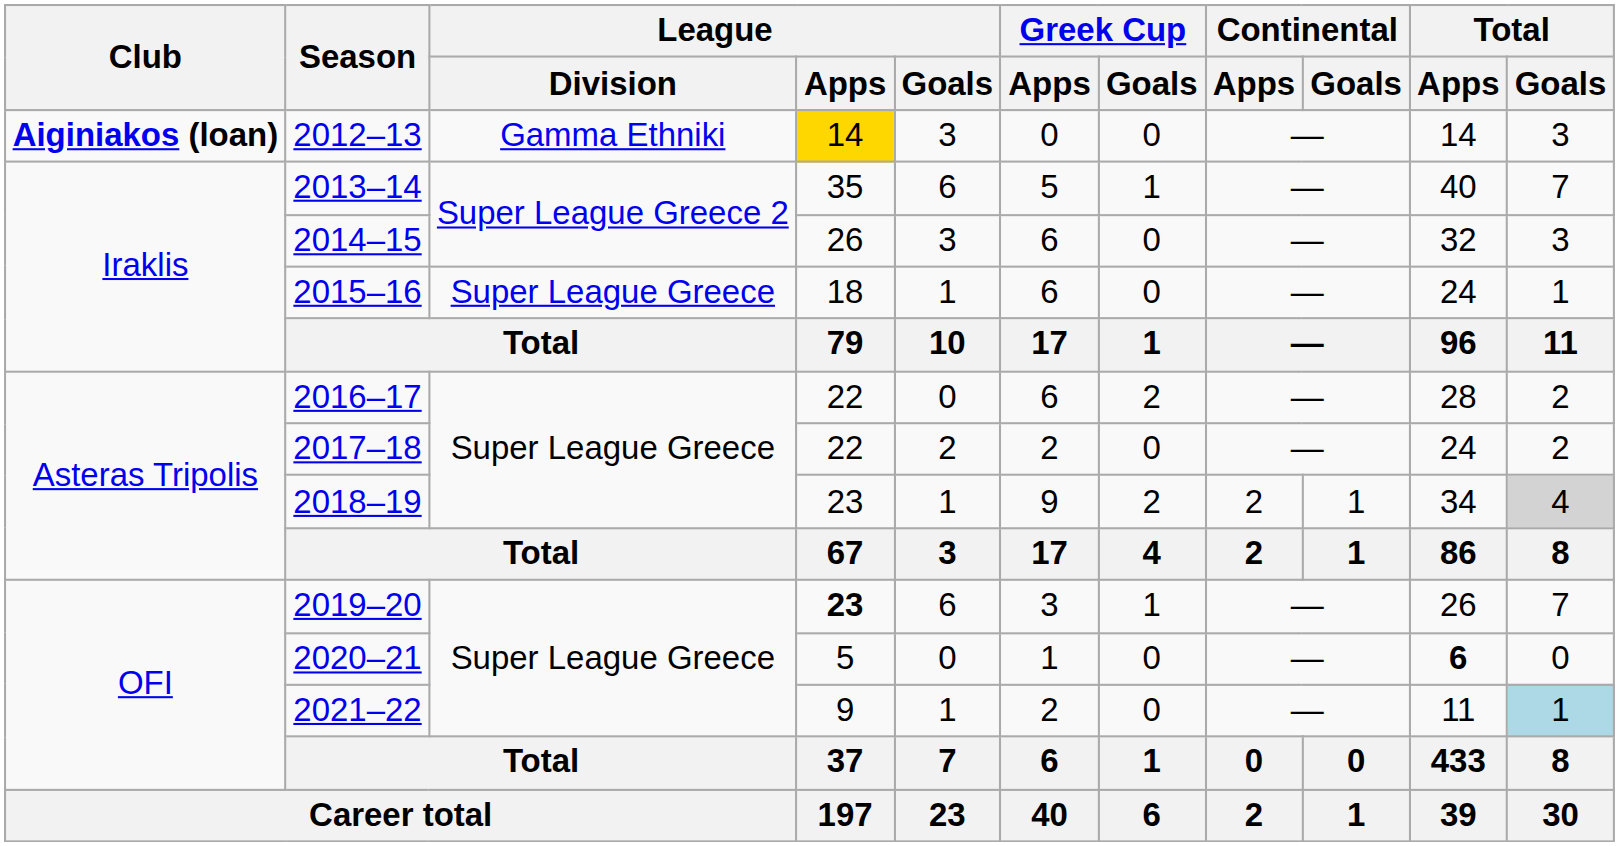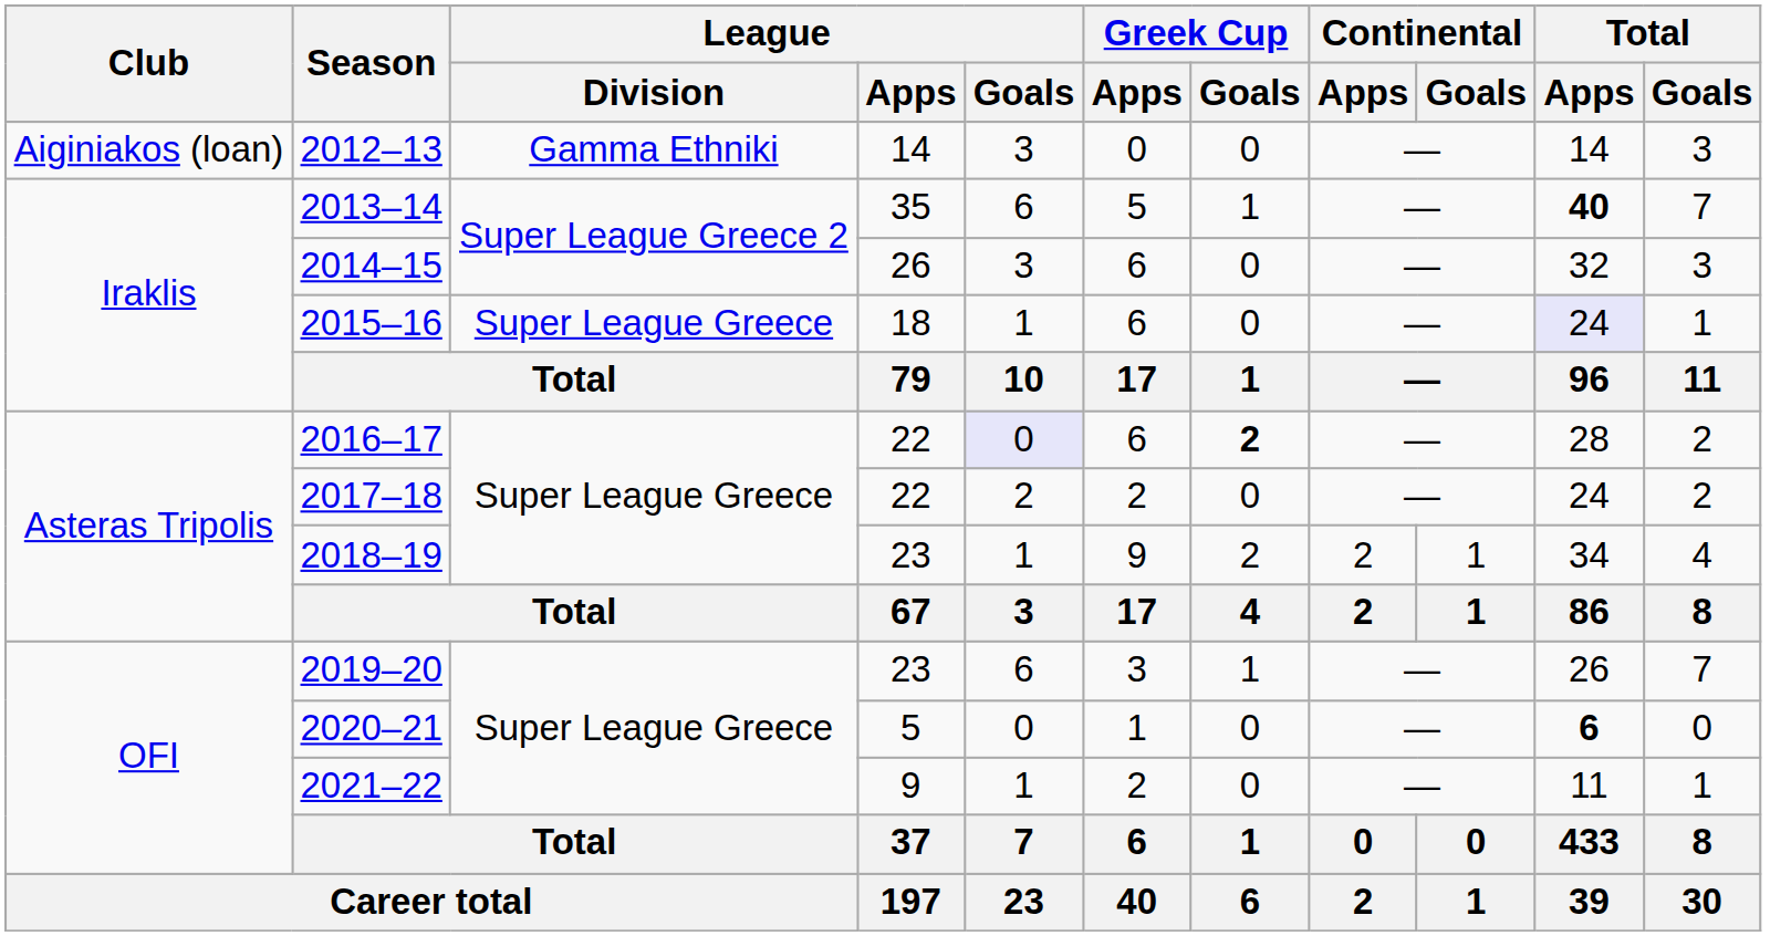 <table class="wikitable" style="text-align:center">
 <tr>
 <th rowspan=2>Club</th>
 <th rowspan=2>Season</th>
 <th colspan=3>League</th>
 <th colspan=2><a href='#'>Greek Cup</a></th>
 <th colspan=2>Continental</th>
 <th colspan=2>Total</th>
 </tr>
 <tr>
 <th>Division</th>
 <th>Apps</th>
 <th>Goals</th>
 <th>Apps</th>
 <th>Goals</th>
 <th>Apps</th>
 <th>Goals</th>
 <th>Apps</th>
 <th>Goals</th>
 </tr>
 <tr>
-<td><strong><a href='#'>Aiginiakos</a> (loan)</strong></td>
+<td><a href='#'>Aiginiakos</a> (loan)</td>
 <td><a href='#'>2012–13</a></td>
 <td><a href='#'>Gamma Ethniki</a></td>
-<td style="background: gold;">14</td>
+<td>14</td>
 <td>3</td>
 <td>0</td>
 <td>0</td>
 <td colspan="2">—</td>
 <td>14</td>
 <td>3</td>
 </tr>
 <tr>
 <td rowspan="4"><a href='#'>Iraklis</a></td>
 <td><a href='#'>2013–14</a></td>
 <td rowspan="2"><a href='#'>Super League Greece 2</a></td>
 <td>35</td>
 <td>6</td>
 <td>5</td>
 <td>1</td>
 <td colspan="2">—</td>
-<td>40</td>
+<td><strong>40</strong></td>
 <td>7</td>
 </tr>
 <tr>
 <td><a href='#'>2014–15</a></td>
 <td>26</td>
 <td>3</td>
 <td>6</td>
 <td>0</td>
 <td colspan="2">—</td>
 <td>32</td>
 <td>3</td>
 </tr>
 <tr>
 <td><a href='#'>2015–16</a></td>
 <td><a href='#'>Super League Greece</a></td>
 <td>18</td>
 <td>1</td>
 <td>6</td>
 <td>0</td>
 <td colspan="2">—</td>
-<td>24</td>
+<td style="background: lavender;">24</td>
 <td>1</td>
 </tr>
 <tr>
 <th colspan="2">Total</th>
 <th>79</th>
 <th>10</th>
 <th>17</th>
 <th>1</th>
 <th colspan="2">—</th>
 <th>96</th>
 <th>11</th>
 </tr>
 <tr>
 <td rowspan="4"><a href='#'>Asteras Tripolis</a></td>
 <td><a href='#'>2016–17</a></td>
 <td rowspan="3">Super League Greece</td>
 <td>22</td>
-<td>0</td>
+<td style="background: lavender;">0</td>
 <td>6</td>
-<td>2</td>
+<td><strong>2</strong></td>
 <td colspan="2">—</td>
 <td>28</td>
 <td>2</td>
 </tr>
 <tr>
 <td><a href='#'>2017–18</a></td>
 <td>22</td>
 <td>2</td>
 <td>2</td>
 <td>0</td>
 <td colspan="2">—</td>
 <td>24</td>
 <td>2</td>
 </tr>
 <tr>
 <td><a href='#'>2018–19</a></td>
 <td>23</td>
 <td>1</td>
 <td>9</td>
 <td>2</td>
 <td>2</td>
 <td>1</td>
 <td>34</td>
-<td style="background: lightgrey;">4</td>
+<td>4</td>
 </tr>
 <tr>
 <th colspan="2">Total</th>
 <th>67</th>
 <th>3</th>
 <th>17</th>
 <th>4</th>
 <th>2</th>
 <th>1</th>
 <th>86</th>
 <th>8</th>
 </tr>
 <tr>
 <td rowspan="4"><a href='#'>OFI</a></td>
 <td><a href='#'>2019–20</a></td>
 <td rowspan="3">Super League Greece</td>
-<td><strong>23</strong></td>
+<td>23</td>
 <td>6</td>
 <td>3</td>
 <td>1</td>
 <td colspan="2">—</td>
 <td>26</td>
 <td>7</td>
 </tr>
 <tr>
 <td><a href='#'>2020–21</a></td>
 <td>5</td>
 <td>0</td>
 <td>1</td>
 <td>0</td>
 <td colspan="2">—</td>
 <td><strong>6</strong></td>
 <td>0</td>
 </tr>
 <tr>
 <td><a href='#'>2021–22</a></td>
 <td>9</td>
 <td>1</td>
 <td>2</td>
 <td>0</td>
 <td colspan="2">—</td>
 <td>11</td>
-<td style="background: lightblue;">1</td>
+<td>1</td>
 </tr>
 <tr>
 <th colspan="2">Total</th>
 <th>37</th>
 <th>7</th>
 <th>6</th>
 <th>1</th>
 <th>0</th>
 <th>0</th>
 <th>433</th>
 <th>8</th>
 </tr>
 <tr>
 <th colspan="3">Career total</th>
 <th>197</th>
 <th>23</th>
 <th>40</th>
 <th>6</th>
 <th>2</th>
 <th>1</th>
 <th>39</th>
 <th>30</th>
 </tr>
 </table>
